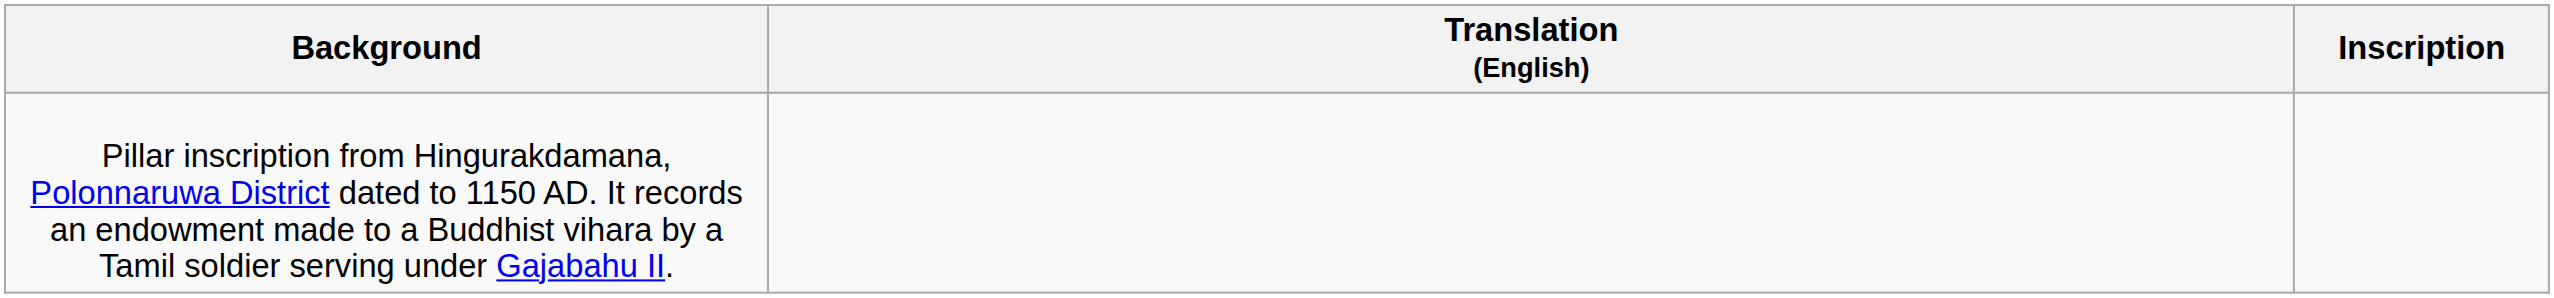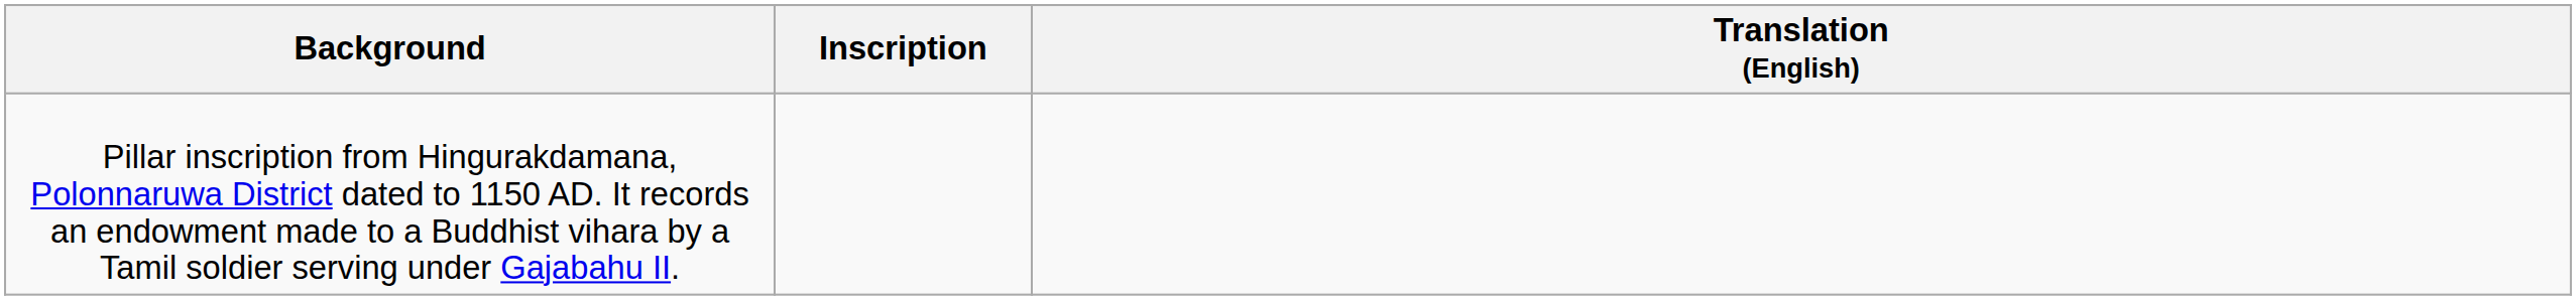 <table class="wikitable centre">
 <tr>
 <th scope="col" align=left>Background<br></th>
+<th>Inscription<br></th>
 <th>Translation<br><small>(English)</small></th>
-<th>Inscription<br></th>
 </tr>
 <tr>
 <td align=center width="30%"><br>Pillar inscription from Hingurakdamana, <a href='#'>Polonnaruwa District</a> dated to 1150 AD. It records an endowment made to a Buddhist vihara by a Tamil soldier serving under <a href='#'>Gajabahu II</a>.</td>
+<td align=center width="10%"><br></td>
 <td align=left><br></td>
-<td align=center width="10%"><br></td>
 </tr>
 </table>
